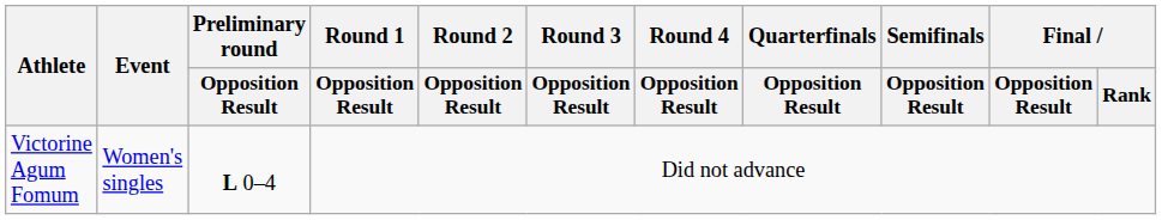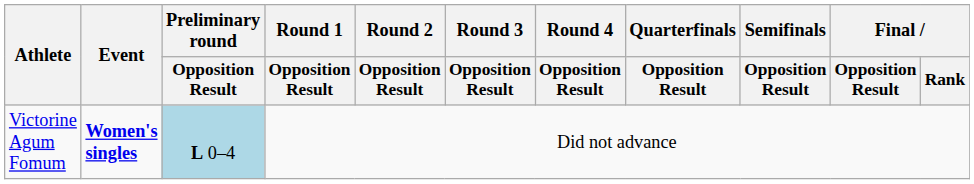 <table class="wikitable" style="font-size:90%">
 <tr>
 <th rowspan="2">Athlete</th>
 <th rowspan="2">Event</th>
 <th>Preliminary round</th>
 <th>Round 1</th>
 <th>Round 2</th>
 <th>Round 3</th>
 <th>Round 4</th>
 <th>Quarterfinals</th>
 <th>Semifinals</th>
 <th colspan=2>Final / </th>
 </tr>
 <tr style="font-size:95%">
 <th>Opposition<br>Result</th>
 <th>Opposition<br>Result</th>
 <th>Opposition<br>Result</th>
 <th>Opposition<br>Result</th>
 <th>Opposition<br>Result</th>
 <th>Opposition<br>Result</th>
 <th>Opposition<br>Result</th>
 <th>Opposition<br>Result</th>
 <th>Rank</th>
 </tr>
 <tr align=center>
 <td align=left><a href='#'>Victorine Agum Fomum</a></td>
-<td align=left><a href='#'>Women's singles</a></td>
-<td><br><strong>L</strong> 0–4</td>
+<td align=left><strong><a href='#'>Women's singles</a></strong></td>
+<td style="background: lightblue;"><br><strong>L</strong> 0–4</td>
 <td colspan=8>Did not advance</td>
 </tr>
 </table>
